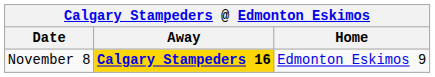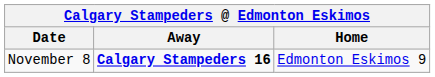 <table class="wikitable">
 <tr>
 <th colspan="3"><a href='#'>Calgary Stampeders</a> @ <a href='#'>Edmonton Eskimos</a></th>
 </tr>
 <tr>
 <th>Date</th>
 <th>Away</th>
 <th>Home</th>
 </tr>
 <tr>
 <td>November 8</td>
-<td style="background: gold;"><strong><a href='#'>Calgary Stampeders</a> 16</strong></td>
+<td><strong><a href='#'>Calgary Stampeders</a> 16</strong></td>
 <td><a href='#'>Edmonton Eskimos</a> 9</td>
 </tr>
 </table>
